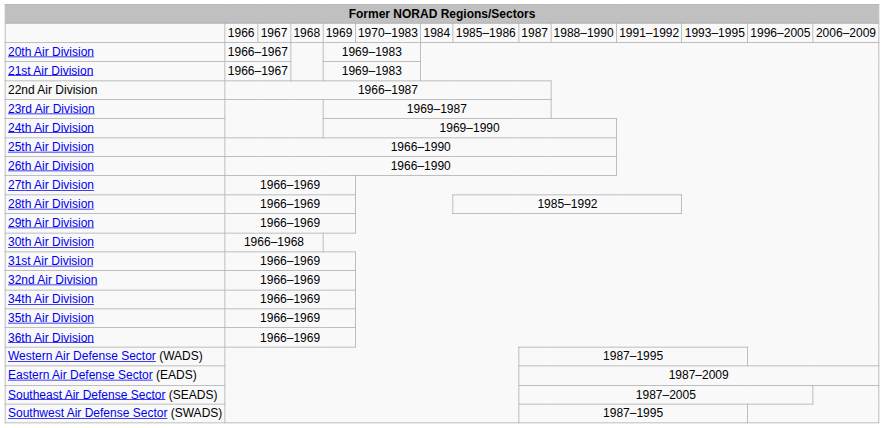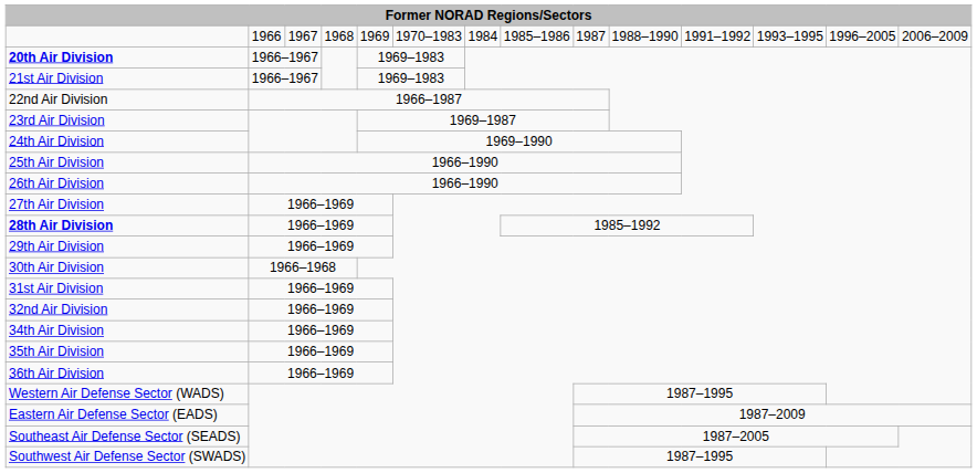 <table class="wikitable" style="margin: 1em auto 1em auto;">
 <tr>
 <td colspan="14" style="background:silver; text-align:center;"><strong>Former NORAD Regions/Sectors</strong></td>
 </tr>
 <tr>
 <td></td>
 <td>1966</td>
 <td>1967</td>
 <td>1968</td>
 <td>1969</td>
 <td>1970–1983</td>
 <td>1984</td>
 <td>1985–1986</td>
 <td>1987</td>
 <td>1988–1990</td>
 <td>1991–1992</td>
 <td>1993–1995</td>
 <td>1996–2005</td>
 <td>2006–2009</td>
 </tr>
 <tr>
-<td><a href='#'>20th Air Division</a></td>
+<td><strong><a href='#'>20th Air Division</a></strong></td>
 <td style="text-align:center;" colspan="2">1966–1967</td>
 <td style="text-align:center; border:none"></td>
 <td style="text-align:center;" colspan="2">1969–1983</td>
 </tr>
 <tr>
 <td><a href='#'>21st Air Division</a></td>
 <td style="text-align:center;" colspan="2">1966–1967</td>
 <td style="text-align:center; border:none"></td>
 <td style="text-align:center;" colspan="2">1969–1983</td>
 </tr>
 <tr>
 <td>22nd Air Division</td>
 <td style="text-align:center;" colspan="8">1966–1987</td>
 </tr>
 <tr>
 <td><a href='#'>23rd Air Division</a></td>
 <td style="text-align:center; border:none" colspan="3"></td>
 <td style="text-align:center;" colspan="5">1969–1987</td>
 </tr>
 <tr>
 <td><a href='#'>24th Air Division</a></td>
 <td style="text-align:center; border:none" colspan="3"></td>
 <td style="text-align:center;" colspan="6">1969–1990</td>
 </tr>
 <tr>
 <td><a href='#'>25th Air Division</a></td>
 <td style="text-align:center;" colspan="9">1966–1990</td>
 </tr>
 <tr>
 <td><a href='#'>26th Air Division</a></td>
 <td style="text-align:center;" colspan="9">1966–1990</td>
 </tr>
 <tr>
 <td><a href='#'>27th Air Division</a></td>
 <td style="text-align:center;" colspan="4">1966–1969</td>
 </tr>
 <tr>
-<td><a href='#'>28th Air Division</a></td>
+<td><strong><a href='#'>28th Air Division</a></strong></td>
 <td style="text-align:center;" colspan="4">1966–1969</td>
 <td style="text-align:center; border:none" colspan="2"></td>
 <td style="text-align:center;" colspan="4">1985–1992</td>
 </tr>
 <tr>
 <td><a href='#'>29th Air Division</a></td>
 <td style="text-align:center;" colspan="4">1966–1969</td>
 </tr>
 <tr>
 <td><a href='#'>30th Air Division</a></td>
 <td style="text-align:center;" colspan="3">1966–1968</td>
 </tr>
 <tr>
 <td><a href='#'>31st Air Division</a></td>
 <td style="text-align:center;" colspan="4">1966–1969</td>
 </tr>
 <tr>
 <td><a href='#'>32nd Air Division</a></td>
 <td style="text-align:center;" colspan="4">1966–1969</td>
 </tr>
 <tr>
 <td><a href='#'>34th Air Division</a></td>
 <td style="text-align:center;" colspan="4">1966–1969</td>
 </tr>
 <tr>
 <td><a href='#'>35th Air Division</a></td>
 <td style="text-align:center;" colspan="4">1966–1969</td>
 </tr>
 <tr>
 <td><a href='#'>36th Air Division</a></td>
 <td style="text-align:center;" colspan="4">1966–1969</td>
 </tr>
 <tr>
 <td><a href='#'>Western Air Defense Sector</a> (WADS)</td>
 <td style="text-align:center; border:none" colspan="7"></td>
 <td style="text-align:center;" colspan="4">1987–1995</td>
 </tr>
 <tr>
 <td><a href='#'>Eastern Air Defense Sector</a> (EADS)</td>
 <td style="text-align:center; border:none" colspan="7"></td>
 <td style="text-align:center;" colspan="6">1987–2009</td>
 </tr>
 <tr>
 <td><a href='#'>Southeast Air Defense Sector</a> (SEADS)</td>
 <td style="text-align:center; border:none" colspan="7"></td>
 <td style="text-align:center;" colspan="5">1987–2005</td>
 </tr>
 <tr>
 <td><a href='#'>Southwest Air Defense Sector</a> (SWADS)</td>
 <td style="text-align:center; border:none" colspan="7"></td>
 <td style="text-align:center;" colspan="4">1987–1995</td>
 </tr>
 </table>
